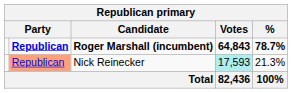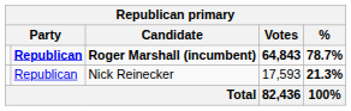 <table class=wikitable>
 <tr>
 <th colspan = 6>Republican primary</th>
 </tr>
 <tr>
 <th colspan=2>Party</th>
 <th>Candidate</th>
 <th>Votes</th>
 <th>%</th>
 </tr>
 <tr>
 <td></td>
 <td><strong><a href='#'>Republican</a></strong></td>
 <td><strong>Roger Marshall</strong> <strong>(incumbent)</strong></td>
 <td align=center><strong>64,843</strong></td>
 <td align=center><strong>78.7%</strong></td>
 </tr>
 <tr>
 <td></td>
-<td style="background: lightsalmon;"><a href='#'>Republican</a></td>
+<td><a href='#'>Republican</a></td>
 <td>Nick Reinecker</td>
-<td align=center style="background: paleturquoise;">17,593</td>
-<td align=center>21.3%</td>
+<td align=center>17,593</td>
+<td align=center><strong>21.3%</strong></td>
 </tr>
 <tr>
 <th colspan=3; style="text-align:right;">Total</th>
 <th align=center><strong>82,436</strong></th>
 <th align=center><strong>100%</strong></th>
 </tr>
 </table>
